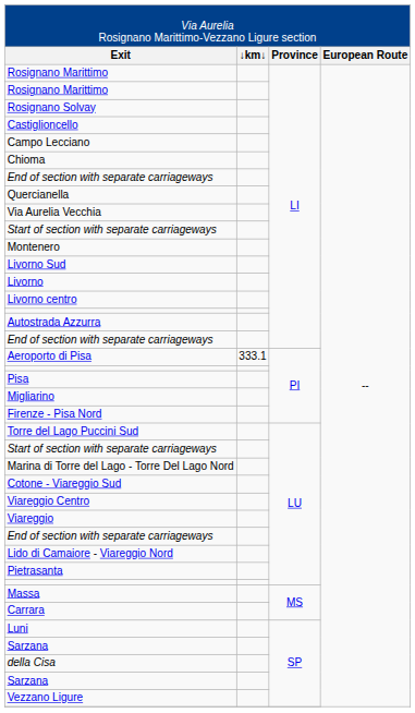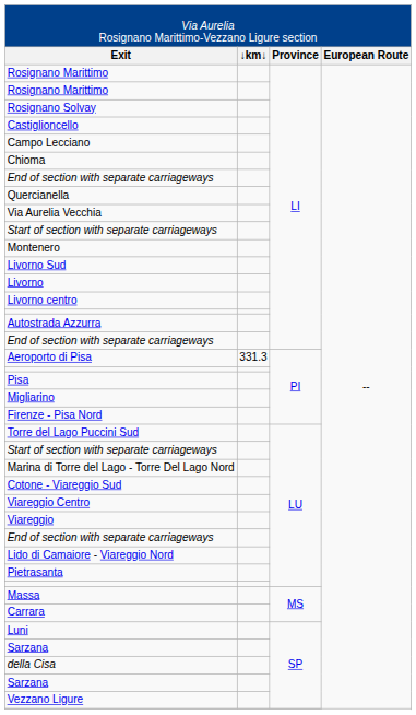 <table class="wikitable">
 <tr align="center" bgcolor="00408B" style="color: white;font-size:100%;">
 <td colspan="6"><br><em>Via Aurelia</em><br>Rosignano Marittimo-Vezzano Ligure section</td>
 </tr>
 <tr>
 <th style="text-align:center;"><strong>Exit</strong></th>
 <th style="text-align:center;"><strong>↓km↓</strong></th>
 <th align="center"><strong>Province</strong></th>
 <th align="center"><strong>European Route</strong></th>
 </tr>
 <tr>
 <td>  <a href='#'>Rosignano Marittimo</a></td>
 <td></td>
 <td rowspan="17" align="center"><a href='#'>LI</a></td>
 <td rowspan="125" align="center">--</td>
 </tr>
 <tr>
 <td> <a href='#'>Rosignano Marittimo</a></td>
 <td></td>
 </tr>
 <tr>
 <td> <a href='#'>Rosignano Solvay</a></td>
 <td></td>
 </tr>
 <tr>
 <td> <a href='#'>Castiglioncello</a></td>
 <td></td>
 </tr>
 <tr>
 <td> Campo Lecciano</td>
 <td></td>
 </tr>
 <tr>
 <td> Chioma</td>
 <td></td>
 </tr>
 <tr>
 <td> <em>End of section with separate carriageways</em></td>
 <td></td>
 </tr>
 <tr>
 <td> Quercianella</td>
 <td></td>
 </tr>
 <tr>
 <td> Via Aurelia Vecchia</td>
 <td></td>
 </tr>
 <tr>
 <td> <em>Start of section with separate carriageways</em></td>
 <td></td>
 </tr>
 <tr>
 <td> Montenero</td>
 <td></td>
 </tr>
 <tr>
 <td> <a href='#'>Livorno Sud</a></td>
 <td></td>
 </tr>
 <tr>
 <td> <a href='#'>Livorno</a></td>
 <td></td>
 </tr>
 <tr>
 <td> <a href='#'>Livorno centro</a></td>
 <td></td>
 </tr>
 <tr>
 <td>  </td>
 <td></td>
 </tr>
 <tr>
 <td>  <a href='#'>Autostrada Azzurra</a></td>
 <td></td>
 </tr>
 <tr>
 <td> <em>End of section with separate carriageways</em></td>
 <td></td>
 </tr>
 <tr>
 <td> <a href='#'>Aeroporto di Pisa</a></td>
-<td {{convert>333.1</td>
+<td {{convert>331.3</td>
 <td rowspan="5" align="center"><a href='#'>PI</a></td>
 </tr>
 <tr>
 <td>  </td>
 <td></td>
 </tr>
 <tr>
 <td> <a href='#'>Pisa</a></td>
 <td></td>
 </tr>
 <tr>
 <td> <a href='#'>Migliarino</a></td>
 <td></td>
 </tr>
 <tr>
 <td>  <a href='#'>Firenze - Pisa Nord</a></td>
 <td></td>
 </tr>
 <tr>
 <td> <a href='#'>Torre del Lago Puccini Sud</a></td>
 <td></td>
 <td rowspan="10" align="center"><a href='#'>LU</a></td>
 </tr>
 <tr>
 <td> <em>Start of section with separate carriageways</em></td>
 <td></td>
 </tr>
 <tr>
 <td> Marina di Torre del Lago - Torre Del Lago Nord</td>
 <td></td>
 </tr>
 <tr>
 <td> <a href='#'>Cotone - Viareggio Sud</a></td>
 <td></td>
 </tr>
 <tr>
 <td> <a href='#'>Viareggio Centro</a></td>
 <td></td>
 </tr>
 <tr>
 <td>  <a href='#'>Viareggio</a></td>
 <td></td>
 </tr>
 <tr>
 <td> <em>End of section with separate carriageways</em></td>
 <td></td>
 </tr>
 <tr>
 <td> <a href='#'>Lido di Camaiore</a> - <a href='#'>Viareggio Nord</a></td>
 <td></td>
 </tr>
 <tr>
 <td> <a href='#'>Pietrasanta</a></td>
 <td></td>
 </tr>
 <tr>
 <td> </td>
 <td></td>
 </tr>
 <tr>
 <td> <a href='#'>Massa</a></td>
 <td></td>
 <td rowspan="2" align="center"><a href='#'>MS</a></td>
 </tr>
 <tr>
 <td> <a href='#'>Carrara</a></td>
 <td></td>
 </tr>
 <tr>
 <td> <a href='#'>Luni</a></td>
 <td></td>
 <td rowspan="5" align="center"><a href='#'>SP</a></td>
 </tr>
 <tr>
 <td> <a href='#'>Sarzana</a></td>
 <td></td>
 </tr>
 <tr>
 <td>  <em>della Cisa</em></td>
 <td></td>
 </tr>
 <tr>
 <td>  <a href='#'>Sarzana</a></td>
 <td></td>
 </tr>
 <tr>
 <td>  <a href='#'>Vezzano Ligure</a></td>
 <td></td>
 </tr>
 <tr>
 </tr>
 </table>
